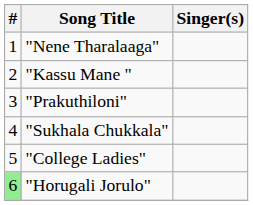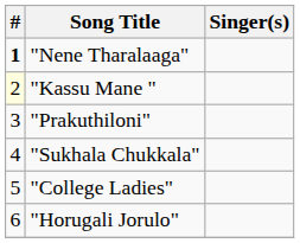 <table class="wikitable">
 <tr>
 <th>#</th>
 <th>Song Title</th>
 <th>Singer(s)</th>
 </tr>
 <tr>
-<td>1</td>
+<td><strong>1</strong></td>
 <td>"Nene Tharalaaga"</td>
 <td></td>
 </tr>
 <tr>
-<td>2</td>
+<td style="background: lightyellow;">2</td>
 <td>"Kassu Mane "</td>
 <td></td>
 </tr>
 <tr>
 <td>3</td>
 <td>"Prakuthiloni"</td>
 <td></td>
 </tr>
 <tr>
 <td>4</td>
 <td>"Sukhala Chukkala"</td>
 <td></td>
 </tr>
 <tr>
 <td>5</td>
 <td>"College Ladies"</td>
 <td></td>
 </tr>
 <tr>
-<td style="background: lightgreen;">6</td>
+<td>6</td>
 <td>"Horugali Jorulo"</td>
 <td></td>
 </tr>
 <tr>
 </tr>
 </table>
